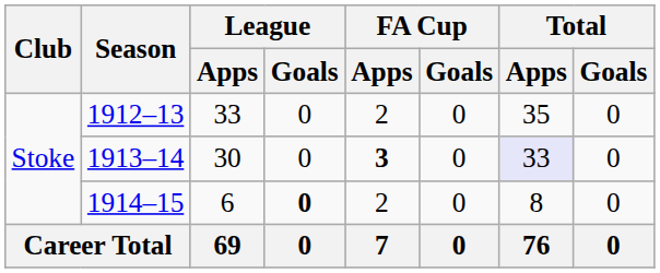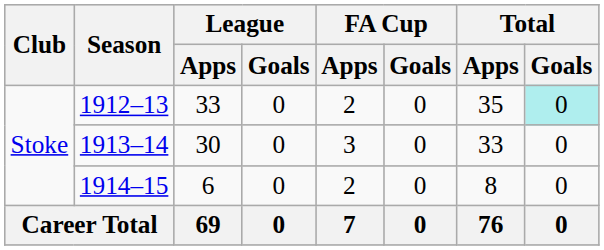 <table class="wikitable" style="text-align: center;">
 <tr>
 <th rowspan="2">Club</th>
 <th rowspan="2">Season</th>
 <th colspan="2">League</th>
 <th colspan="2">FA Cup</th>
 <th colspan="2">Total</th>
 </tr>
 <tr>
 <th>Apps</th>
 <th>Goals</th>
 <th>Apps</th>
 <th>Goals</th>
 <th>Apps</th>
 <th>Goals</th>
 </tr>
 <tr>
 <td rowspan="3"><a href='#'>Stoke</a></td>
 <td><a href='#'>1912–13</a></td>
 <td>33</td>
 <td>0</td>
 <td>2</td>
 <td>0</td>
 <td>35</td>
-<td>0</td>
+<td style="background: paleturquoise;">0</td>
 </tr>
 <tr>
 <td><a href='#'>1913–14</a></td>
 <td>30</td>
 <td>0</td>
-<td><strong>3</strong></td>
+<td>3</td>
 <td>0</td>
-<td style="background: lavender;">33</td>
+<td>33</td>
 <td>0</td>
 </tr>
 <tr>
 <td><a href='#'>1914–15</a></td>
 <td>6</td>
-<td><strong>0</strong></td>
+<td>0</td>
 <td>2</td>
 <td>0</td>
 <td>8</td>
 <td>0</td>
 </tr>
 <tr>
 <th colspan="2">Career Total</th>
 <th>69</th>
 <th>0</th>
 <th>7</th>
 <th>0</th>
 <th>76</th>
 <th>0</th>
 </tr>
 </table>
